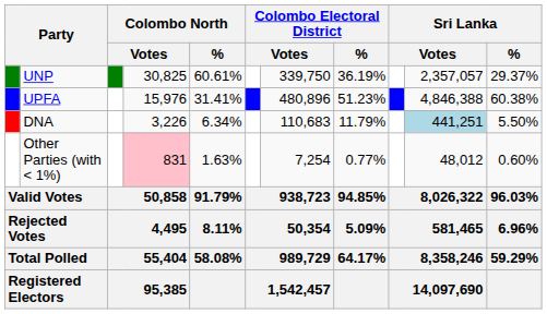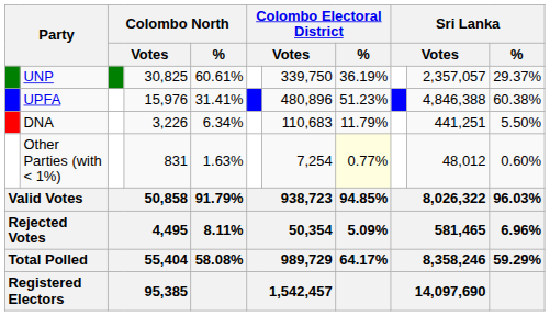 <table class="wikitable">
 <tr>
 <th colspan="2" width="144px"rowspan="2">Party</th>
 <th colspan="3" width="216px">Colombo North</th>
 <th colspan="3" width="216px"><a href='#'>Colombo Electoral District</a></th>
 <th colspan="3" width="216px">Sri Lanka</th>
 </tr>
 <tr>
 <th colspan="2" width="144px">Votes</th>
 <th>%</th>
 <th colspan="2" width="144px">Votes</th>
 <th>%</th>
 <th colspan="2" width="144px">Votes</th>
 <th>%</th>
 </tr>
 <tr>
 <td style="background-color:green;" width="10px"></td>
 <td style="text-align:left;"><a href='#'>UNP</a></td>
 <td style="background-color:green;" width="10px"></td>
 <td style="text-align:right;">30,825</td>
 <td style="text-align:right;">60.61%</td>
 <td style="background-color:white;" width="10px"></td>
 <td style="text-align:right;">339,750</td>
 <td style="text-align:right;">36.19%</td>
 <td style="background-color:white;" width="10px"></td>
 <td style="text-align:right;">2,357,057</td>
 <td style="text-align:right;">29.37%</td>
 </tr>
 <tr>
 <td style="background-color:blue;" width="10px"></td>
 <td style="text-align:left;"><a href='#'>UPFA</a></td>
 <td style="background-color:white;" width="10px"></td>
 <td style="text-align:right;">15,976</td>
 <td style="text-align:right;">31.41%</td>
 <td style="background-color:blue;" width="10px"></td>
 <td style="text-align:right;">480,896</td>
 <td style="text-align:right;">51.23%</td>
 <td style="background-color:blue;" width="10px"></td>
 <td style="text-align:right;">4,846,388</td>
 <td style="text-align:right;">60.38%</td>
 </tr>
 <tr>
 <td style="background-color:red;" width="10px"></td>
 <td style="text-align:left;">DNA</td>
 <td style="background-color:white;" width="10px"></td>
 <td style="text-align:right;">3,226</td>
 <td style="text-align:right;">6.34%</td>
 <td style="background-color:white;" width="10px"></td>
 <td style="text-align:right;">110,683</td>
 <td style="text-align:right;">11.79%</td>
 <td style="background-color:white;" width="10px"></td>
-<td style="background: lightblue; text-align:right;">441,251</td>
+<td style="text-align:right;">441,251</td>
 <td style="text-align:right;">5.50%</td>
 </tr>
 <tr>
 <td style="background-color:white;" width="10px"></td>
 <td style="text-align:left;">Other Parties (with < 1%)</td>
 <td style="background-color:white;" width="10px"></td>
-<td style="background: pink; text-align:right;">831</td>
+<td style="text-align:right;">831</td>
 <td style="text-align:right;">1.63%</td>
 <td style="background-color:white;" width="10px"></td>
 <td style="text-align:right;">7,254</td>
-<td style="text-align:right;">0.77%</td>
+<td style="background: lightyellow; text-align:right;">0.77%</td>
 <td style="background-color:white;" width="10px"></td>
 <td style="text-align:right;">48,012</td>
 <td style="text-align:right;">0.60%</td>
 </tr>
 <tr>
 <th colspan="2" width="144px"style="text-align:left;">Valid Votes</th>
 <th style="text-align:right;"colspan="2" width="144px">50,858</th>
 <th style="text-align:right;">91.79%</th>
 <th style="text-align:right;"colspan="2" width="144px">938,723</th>
 <th style="text-align:right;">94.85%</th>
 <th style="text-align:right;"colspan="2" width="144px">8,026,322</th>
 <th style="text-align:right;">96.03%</th>
 </tr>
 <tr>
 <th colspan="2" width="144px"style="text-align:left;">Rejected Votes</th>
 <th style="text-align:right;"colspan="2" width="144px">4,495</th>
 <th style="text-align:right;">8.11%</th>
 <th style="text-align:right;"colspan="2" width="144px">50,354</th>
 <th style="text-align:right;">5.09%</th>
 <th style="text-align:right;"colspan="2" width="144px">581,465</th>
 <th style="text-align:right;">6.96%</th>
 </tr>
 <tr>
 <th colspan="2" width="144px"style="text-align:left;">Total Polled</th>
 <th style="text-align:right;"colspan="2" width="144px">55,404</th>
 <th style="text-align:right;">58.08%</th>
 <th style="text-align:right;"colspan="2" width="144px">989,729</th>
 <th style="text-align:right;">64.17%</th>
 <th style="text-align:right;"colspan="2" width="144px">8,358,246</th>
 <th style="text-align:right;">59.29%</th>
 </tr>
 <tr>
 <th colspan="2" width="144px"style="text-align:left;">Registered Electors</th>
 <th style="text-align:right;"colspan="2" width="144px">95,385</th>
 <th></th>
 <th style="text-align:right;"colspan="2" width="144px">1,542,457</th>
 <th></th>
 <th style="text-align:right;"colspan="2" width="144px">14,097,690</th>
 <th></th>
 </tr>
 </table>
